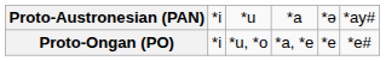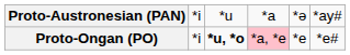 <table class=wikitable>
 <tr align=center>
 <th>Proto-Austronesian (PAN)</th>
 <td>*i</td>
 <td>*u</td>
 <td>*a</td>
 <td>*ə</td>
 <td>*ay#</td>
 </tr>
 <tr align=center>
 <th>Proto-Ongan (PO)</th>
 <td>*i</td>
-<td>*u, *o</td>
-<td>*a, *e</td>
+<td><strong>*u, *o</strong></td>
+<td style="background: pink;">*a, *e</td>
 <td>*e</td>
 <td>*e#</td>
 </tr>
 </table>
